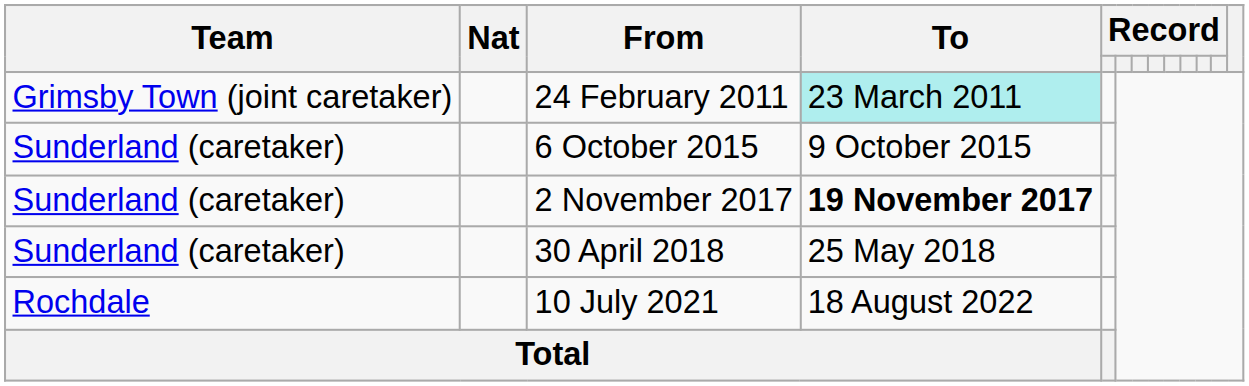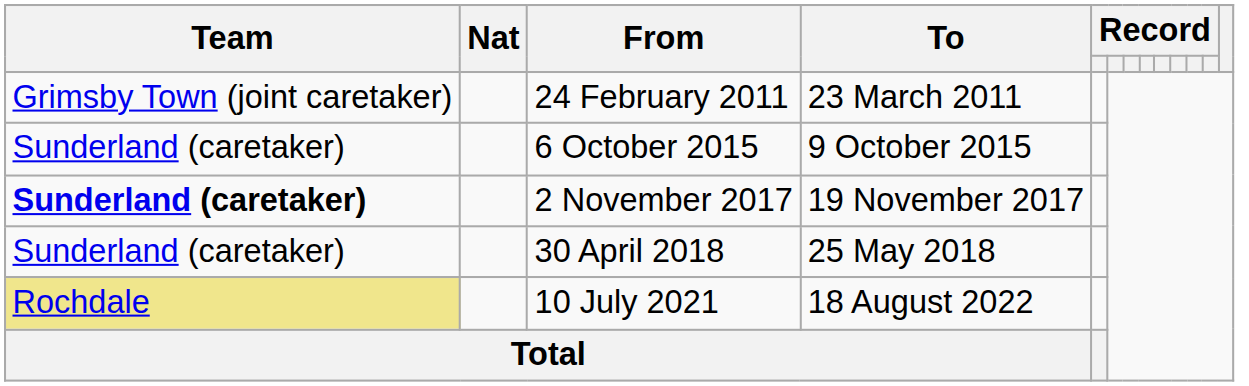 <table class="wikitable" style="text-align: center">
 <tr>
 <th rowspan="2">Team</th>
 <th rowspan="2">Nat</th>
 <th rowspan="2">From</th>
 <th rowspan="2">To</th>
 <th colspan="8">Record</th>
 <th rowspan=2></th>
 </tr>
 <tr>
 <th></th>
 <th></th>
 <th></th>
 <th></th>
 <th></th>
 <th></th>
 <th></th>
 <th></th>
 </tr>
 <tr>
 <td align=left><a href='#'>Grimsby Town</a> (joint caretaker)</td>
 <td></td>
 <td align=left>24 February 2011</td>
-<td align=left style="background: paleturquoise;">23 March 2011<br></td>
+<td align=left>23 March 2011<br></td>
 <td></td>
 </tr>
 <tr>
 <td align=left><a href='#'>Sunderland</a> (caretaker)</td>
 <td></td>
 <td align=left>6 October 2015</td>
 <td align=left>9 October 2015<br></td>
 <td></td>
 </tr>
 <tr>
-<td align=left><a href='#'>Sunderland</a> (caretaker)</td>
+<td align=left><strong><a href='#'>Sunderland</a> (caretaker)</strong></td>
 <td></td>
 <td align=left>2 November 2017</td>
-<td align=left><strong>19 November 2017<br></strong></td>
+<td align=left>19 November 2017<br></td>
 <td></td>
 </tr>
 <tr>
 <td align=left><a href='#'>Sunderland</a> (caretaker)</td>
 <td></td>
 <td align=left>30 April 2018</td>
 <td align=left>25 May 2018<br></td>
 <td></td>
 </tr>
 <tr>
-<td align=left><a href='#'>Rochdale</a></td>
+<td align=left style="background: khaki;"><a href='#'>Rochdale</a></td>
 <td></td>
 <td align=left>10 July 2021</td>
 <td align=left>18 August 2022<br></td>
 <td></td>
 </tr>
 <tr>
 <th colspan="4">Total<br></th>
 <th></th>
 </tr>
 </table>
